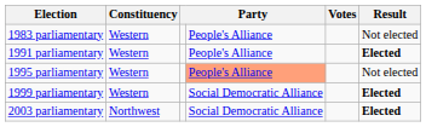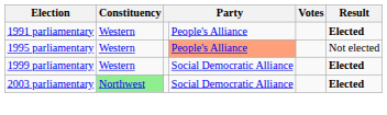 <table class="wikitable" style="text-align:left;">
 <tr>
 <th scope=col>Election</th>
 <th scope=col>Constituency</th>
 <th scope=col colspan="2">Party</th>
 <th scope=col>Votes</th>
 <th scope=col>Result</th>
-</tr>
-<tr>
-<td><a href='#'>1983 parliamentary</a></td>
-<td><a href='#'>Western</a></td>
-<td style="background:"></td>
-<td><a href='#'>People's Alliance</a></td>
-<td align=right></td>
-<td>Not elected</td>
 </tr>
 <tr>
 <td><a href='#'>1991 parliamentary</a></td>
 <td><a href='#'>Western</a></td>
 <td style="background:"></td>
 <td><a href='#'>People's Alliance</a></td>
 <td align=right></td>
 <td><strong>Elected</strong></td>
 </tr>
 <tr>
 <td><a href='#'>1995 parliamentary</a></td>
 <td><a href='#'>Western</a></td>
 <td style="background:"></td>
 <td style="background: lightsalmon;"><a href='#'>People's Alliance</a></td>
 <td align=right></td>
 <td>Not elected</td>
 </tr>
 <tr>
 <td><a href='#'>1999 parliamentary</a></td>
 <td><a href='#'>Western</a></td>
 <td style="background:"></td>
 <td><a href='#'>Social Democratic Alliance</a></td>
 <td align=right></td>
 <td><strong>Elected</strong></td>
 </tr>
 <tr>
 <td><a href='#'>2003 parliamentary</a></td>
-<td><a href='#'>Northwest</a></td>
+<td style="background: lightgreen;"><a href='#'>Northwest</a></td>
 <td style="background:"></td>
 <td><a href='#'>Social Democratic Alliance</a></td>
 <td align=right></td>
 <td><strong>Elected</strong></td>
 </tr>
 </table>
